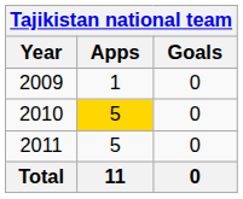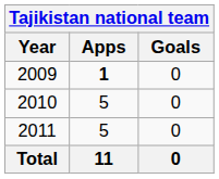 <table class="wikitable" style="text-align:center">
 <tr>
 <th colspan=3><a href='#'>Tajikistan national team</a></th>
 </tr>
 <tr>
 <th>Year</th>
 <th>Apps</th>
 <th>Goals</th>
 </tr>
 <tr>
 <td>2009</td>
-<td>1</td>
+<td><strong>1</strong></td>
 <td>0</td>
 </tr>
 <tr>
 <td>2010</td>
-<td style="background: gold;">5</td>
+<td>5</td>
 <td>0</td>
 </tr>
 <tr>
 <td>2011</td>
 <td>5</td>
 <td>0</td>
 </tr>
 <tr>
 <th>Total</th>
 <th>11</th>
 <th>0</th>
 </tr>
 </table>
